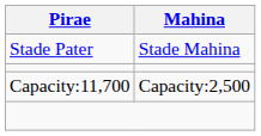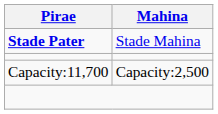 <table class="wikitable">
 <tr>
 <th><a href='#'>Pirae</a></th>
 <th><a href='#'>Mahina</a></th>
 </tr>
 <tr>
-<td><a href='#'>Stade Pater</a></td>
+<td><strong><a href='#'>Stade Pater</a></strong></td>
 <td><a href='#'>Stade Mahina</a></td>
 </tr>
 <tr>
 <td><small></small></td>
 <td></td>
 </tr>
 <tr>
 <td>Capacity:11,700</td>
 <td>Capacity:2,500</td>
 </tr>
 <tr>
 <td colspan="2"><br></td>
 </tr>
 </table>
